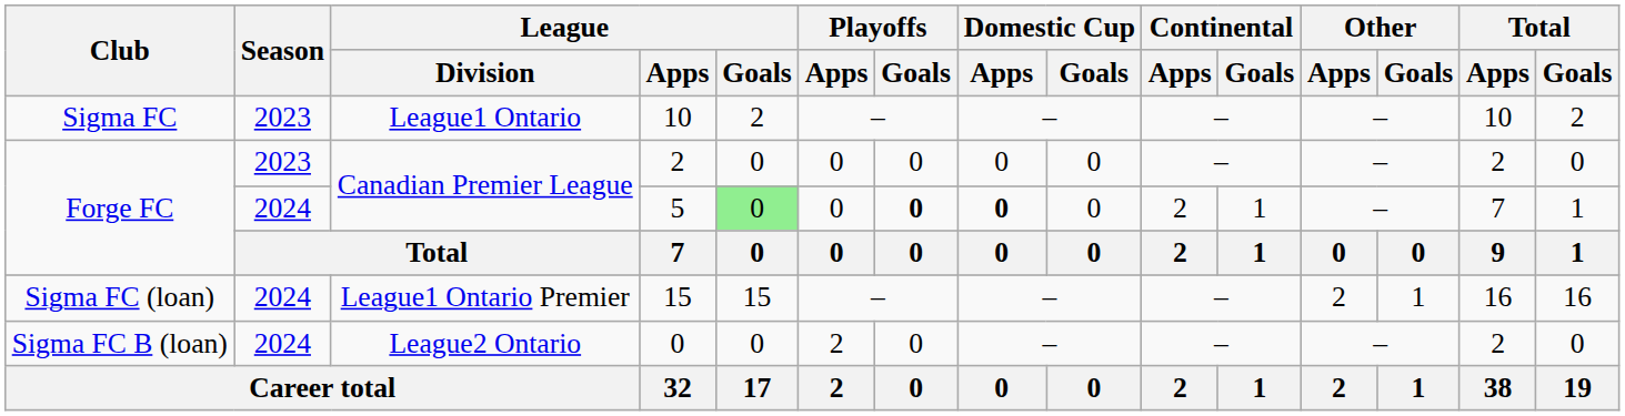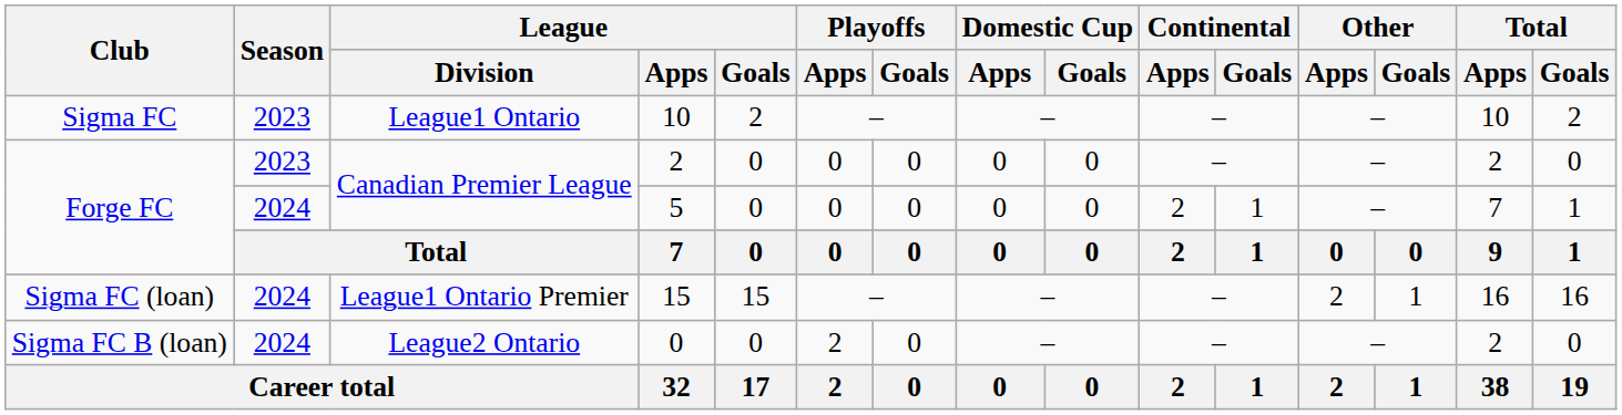 <table class="wikitable" style="text-align: center">
 <tr>
 <th rowspan="2">Club</th>
 <th rowspan="2">Season</th>
 <th colspan="3">League</th>
 <th colspan="2">Playoffs</th>
 <th colspan="2">Domestic Cup</th>
 <th colspan="2">Continental</th>
 <th colspan="2">Other</th>
 <th colspan="2">Total</th>
 </tr>
 <tr>
 <th>Division</th>
 <th>Apps</th>
 <th>Goals</th>
 <th>Apps</th>
 <th>Goals</th>
 <th>Apps</th>
 <th>Goals</th>
 <th>Apps</th>
 <th>Goals</th>
 <th>Apps</th>
 <th>Goals</th>
 <th>Apps</th>
 <th>Goals</th>
 </tr>
 <tr>
 <td><a href='#'>Sigma FC</a></td>
 <td><a href='#'>2023</a></td>
 <td><a href='#'>League1 Ontario</a></td>
 <td>10</td>
 <td>2</td>
 <td colspan="2">–</td>
 <td colspan="2">–</td>
 <td colspan="2">–</td>
 <td colspan="2">–</td>
 <td>10</td>
 <td>2</td>
 </tr>
 <tr>
 <td rowspan=3><a href='#'>Forge FC</a></td>
 <td><a href='#'>2023</a></td>
 <td rowspan=2><a href='#'>Canadian Premier League</a></td>
 <td>2</td>
 <td>0</td>
 <td>0</td>
 <td>0</td>
 <td>0</td>
 <td>0</td>
 <td colspan="2">–</td>
 <td colspan="2">–</td>
 <td>2</td>
 <td>0</td>
 </tr>
 <tr>
 <td><a href='#'>2024</a></td>
 <td>5</td>
-<td style="background: lightgreen;">0</td>
 <td>0</td>
-<td><strong>0</strong></td>
-<td><strong>0</strong></td>
+<td>0</td>
+<td>0</td>
+<td>0</td>
 <td>0</td>
 <td>2</td>
 <td>1</td>
 <td colspan="2">–</td>
 <td>7</td>
 <td>1</td>
 </tr>
 <tr>
 <th colspan="2">Total</th>
 <th>7</th>
 <th>0</th>
 <th>0</th>
 <th>0</th>
 <th>0</th>
 <th>0</th>
 <th>2</th>
 <th>1</th>
 <th>0</th>
 <th>0</th>
 <th>9</th>
 <th>1</th>
 </tr>
 <tr>
 <td><a href='#'>Sigma FC</a> (loan)</td>
 <td><a href='#'>2024</a></td>
 <td><a href='#'>League1 Ontario</a> Premier</td>
 <td>15</td>
 <td>15</td>
 <td colspan="2">–</td>
 <td colspan="2">–</td>
 <td colspan="2">–</td>
 <td>2</td>
 <td>1</td>
 <td>16</td>
 <td>16</td>
 </tr>
 <tr>
 <td><a href='#'>Sigma FC B</a> (loan)</td>
 <td><a href='#'>2024</a></td>
 <td><a href='#'>League2 Ontario</a></td>
 <td>0</td>
 <td>0</td>
 <td>2</td>
 <td>0</td>
 <td colspan="2">–</td>
 <td colspan="2">–</td>
 <td colspan="2">–</td>
 <td>2</td>
 <td>0</td>
 </tr>
 <tr>
 <th colspan="3"><strong>Career total</strong></th>
 <th>32</th>
 <th>17</th>
 <th>2</th>
 <th>0</th>
 <th>0</th>
 <th>0</th>
 <th>2</th>
 <th>1</th>
 <th>2</th>
 <th>1</th>
 <th>38</th>
 <th>19</th>
 </tr>
 </table>
